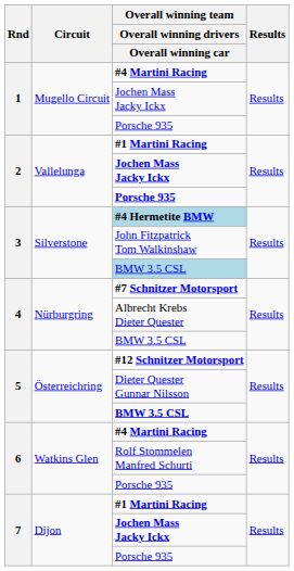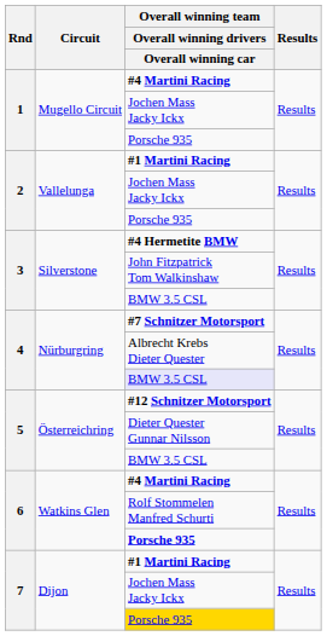 <table class="wikitable" style="font-size: 90%;">
 <tr>
 <th rowspan=3>Rnd</th>
 <th rowspan=3>Circuit</th>
 <th>Overall winning team</th>
 <th rowspan=3>Results</th>
 </tr>
 <tr>
 <th>Overall winning drivers</th>
 </tr>
 <tr>
 <th>Overall winning car</th>
 </tr>
 <tr>
 <th rowspan=3>1</th>
 <td rowspan=3><a href='#'>Mugello Circuit</a></td>
 <td> <strong>#4 <a href='#'>Martini Racing</a></strong></td>
 <td rowspan=3><a href='#'>Results</a></td>
 </tr>
 <tr>
 <td> <a href='#'>Jochen Mass</a><br> <a href='#'>Jacky Ickx</a></td>
 </tr>
 <tr>
 <td><a href='#'>Porsche 935</a></td>
 </tr>
 <tr>
 <th rowspan=3>2</th>
 <td rowspan=3><a href='#'>Vallelunga</a></td>
 <td> <strong>#1 <a href='#'>Martini Racing</a></strong></td>
 <td rowspan=3><a href='#'>Results</a></td>
 </tr>
 <tr>
-<td><strong> <a href='#'>Jochen Mass</a><br> <a href='#'>Jacky Ickx</a></strong></td>
+<td> <a href='#'>Jochen Mass</a><br> <a href='#'>Jacky Ickx</a></td>
 </tr>
 <tr>
-<td><strong><a href='#'>Porsche 935</a></strong></td>
+<td><a href='#'>Porsche 935</a></td>
 </tr>
 <tr>
 <th rowspan=3>3</th>
 <td rowspan=3><a href='#'>Silverstone</a></td>
-<td style="background: lightblue;"> <strong>#4 Hermetite <a href='#'>BMW</a></strong></td>
+<td> <strong>#4 Hermetite <a href='#'>BMW</a></strong></td>
 <td rowspan=3><a href='#'>Results</a></td>
 </tr>
 <tr>
 <td> <a href='#'>John Fitzpatrick</a><br> <a href='#'>Tom Walkinshaw</a></td>
 </tr>
 <tr>
-<td style="background: lightblue;"><a href='#'>BMW 3.5 CSL</a></td>
+<td><a href='#'>BMW 3.5 CSL</a></td>
 </tr>
 <tr>
 <th rowspan=3>4</th>
 <td rowspan=3><a href='#'>Nürburgring</a></td>
 <td> <strong>#7 <a href='#'>Schnitzer Motorsport</a></strong></td>
 <td rowspan=3><a href='#'>Results</a></td>
 </tr>
 <tr>
 <td> Albrecht Krebs<br> <a href='#'>Dieter Quester</a></td>
 </tr>
 <tr>
-<td><a href='#'>BMW 3.5 CSL</a></td>
+<td style="background: lavender;"><a href='#'>BMW 3.5 CSL</a></td>
 </tr>
 <tr>
 <th rowspan=3>5</th>
 <td rowspan=3><a href='#'>Österreichring</a></td>
 <td> <strong>#12 <a href='#'>Schnitzer Motorsport</a></strong></td>
 <td rowspan=3><a href='#'>Results</a></td>
 </tr>
 <tr>
 <td> <a href='#'>Dieter Quester</a><br> <a href='#'>Gunnar Nilsson</a></td>
 </tr>
 <tr>
-<td><strong><a href='#'>BMW 3.5 CSL</a></strong></td>
+<td><a href='#'>BMW 3.5 CSL</a></td>
 </tr>
 <tr>
 <th rowspan=3>6</th>
 <td rowspan=3><a href='#'>Watkins Glen</a></td>
 <td> <strong>#4 <a href='#'>Martini Racing</a></strong></td>
 <td rowspan=3><a href='#'>Results</a></td>
 </tr>
 <tr>
 <td> <a href='#'>Rolf Stommelen</a><br> <a href='#'>Manfred Schurti</a></td>
 </tr>
 <tr>
-<td><a href='#'>Porsche 935</a></td>
+<td><strong><a href='#'>Porsche 935</a></strong></td>
 </tr>
 <tr>
 <th rowspan=3>7</th>
 <td rowspan=3><a href='#'>Dijon</a></td>
 <td> <strong>#1 <a href='#'>Martini Racing</a></strong></td>
 <td rowspan=3><a href='#'>Results</a></td>
 </tr>
 <tr>
-<td><strong> <a href='#'>Jochen Mass</a><br> <a href='#'>Jacky Ickx</a></strong></td>
+<td> <a href='#'>Jochen Mass</a><br> <a href='#'>Jacky Ickx</a></td>
 </tr>
 <tr>
-<td><a href='#'>Porsche 935</a></td>
+<td style="background: gold;"><a href='#'>Porsche 935</a></td>
 </tr>
 </table>
